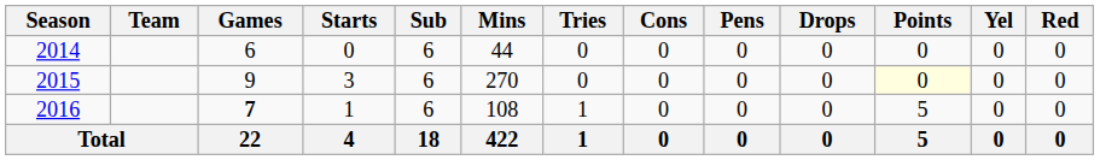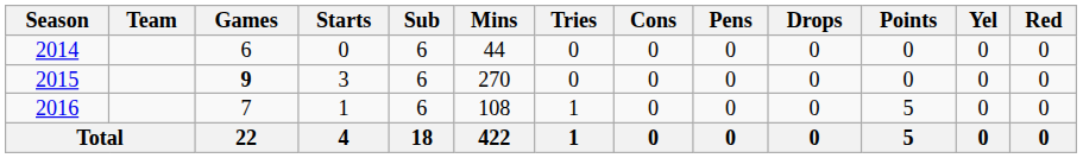 <table class="wikitable" style="text-align:center; line-height:90%; font-size:95%; width:60%;">
 <tr>
 <th>Season</th>
 <th>Team</th>
 <th>Games</th>
 <th>Starts</th>
 <th>Sub</th>
 <th>Mins</th>
 <th>Tries</th>
 <th>Cons</th>
 <th>Pens</th>
 <th>Drops</th>
 <th>Points</th>
 <th>Yel</th>
 <th>Red</th>
 </tr>
 <tr>
 <td><a href='#'>2014</a></td>
 <td></td>
 <td>6</td>
 <td>0</td>
 <td>6</td>
 <td>44</td>
 <td>0</td>
 <td>0</td>
 <td>0</td>
 <td>0</td>
 <td>0</td>
 <td>0</td>
 <td>0</td>
 </tr>
 <tr>
 <td><a href='#'>2015</a></td>
 <td></td>
-<td>9</td>
+<td><strong>9</strong></td>
 <td>3</td>
 <td>6</td>
 <td>270</td>
 <td>0</td>
 <td>0</td>
 <td>0</td>
 <td>0</td>
-<td style="background: lightyellow;">0</td>
+<td>0</td>
 <td>0</td>
 <td>0</td>
 </tr>
 <tr>
 <td><a href='#'>2016</a></td>
 <td></td>
-<td><strong>7</strong></td>
+<td>7</td>
 <td>1</td>
 <td>6</td>
 <td>108</td>
 <td>1</td>
 <td>0</td>
 <td>0</td>
 <td>0</td>
 <td>5</td>
 <td>0</td>
 <td>0</td>
 </tr>
 <tr>
 <th colspan="2">Total</th>
 <th>22</th>
 <th>4</th>
 <th>18</th>
 <th>422</th>
 <th>1</th>
 <th>0</th>
 <th>0</th>
 <th>0</th>
 <th>5</th>
 <th>0</th>
 <th>0</th>
 </tr>
 </table>
